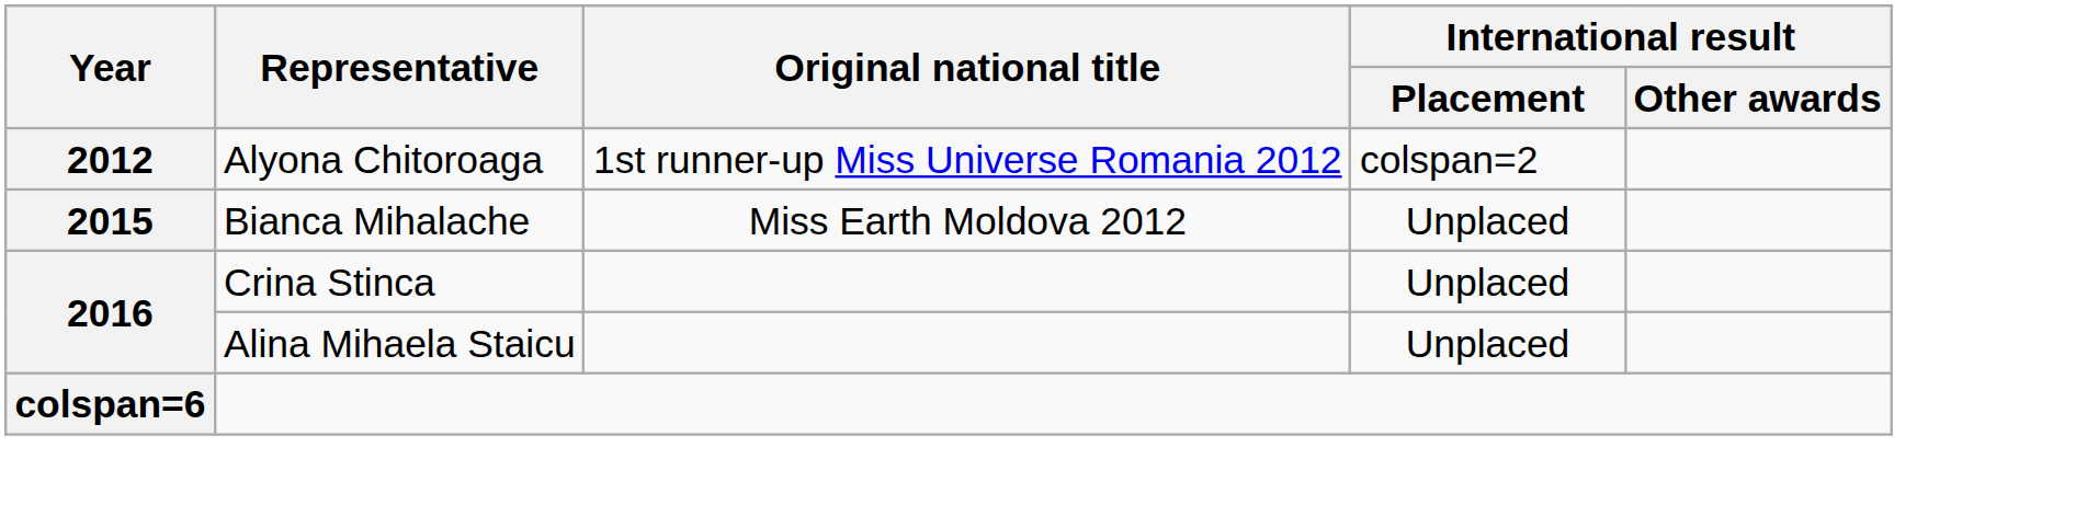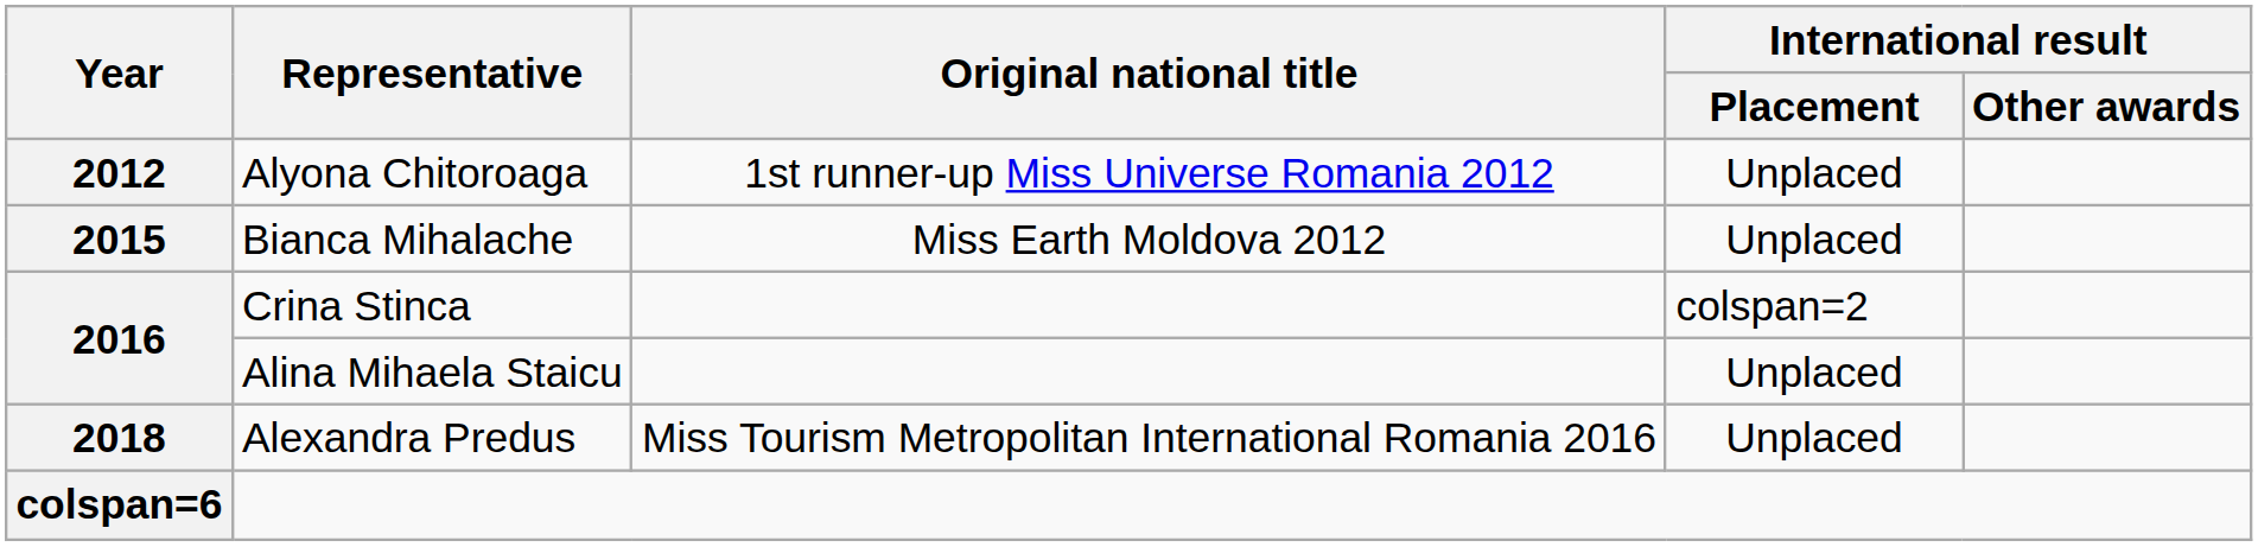 <table class="wikitable" style="font-size:95%;">
 <tr>
 <th rowspan=2>Year</th>
 <th rowspan=2>Representative</th>
 <th rowspan=2>Original national title</th>
 <th colspan=2>International result</th>
 </tr>
 <tr>
 <th width=100px>Placement</th>
 <th>Other awards</th>
 </tr>
 <tr>
 <th>2012</th>
 <td>Alyona Chitoroaga</td>
 <td align=center>1st runner-up <a href='#'>Miss Universe Romania 2012</a></td>
-<td>colspan=2 </td>
+<td align=center>Unplaced</td>
 <td></td>
 </tr>
 <tr>
 <th>2015</th>
 <td>Bianca Mihalache</td>
 <td align=center>Miss Earth Moldova 2012</td>
 <td align=center>Unplaced</td>
 <td></td>
 </tr>
 <tr>
 <th rowspan=2>2016</th>
 <td>Crina Stinca</td>
 <td></td>
-<td align=center>Unplaced</td>
+<td>colspan=2 </td>
 </tr>
 <tr>
 <td>Alina Mihaela Staicu</td>
 <td></td>
 <td align=center>Unplaced</td>
 <td></td>
 </tr>
 <tr>
+<th>2018</th>
+<td>Alexandra Predus</td>
+<td align=center>Miss Tourism Metropolitan International Romania 2016</td>
+<td align=center>Unplaced</td>
+<td></td>
+</tr>
+<tr>
 <th>colspan=6 </th>
 </tr>
 </table>
